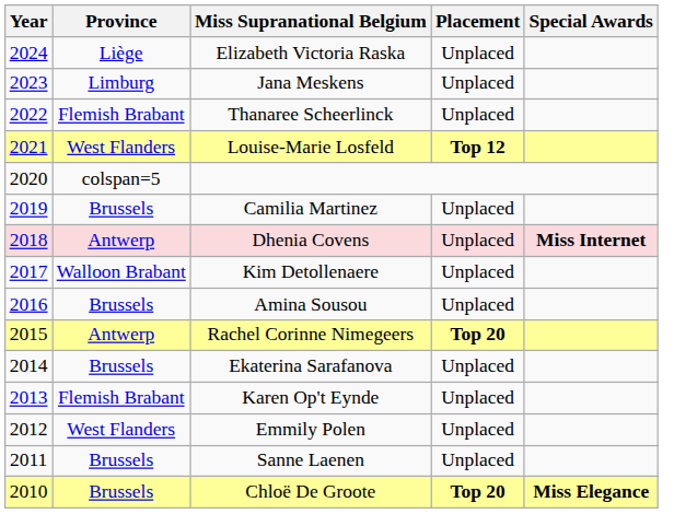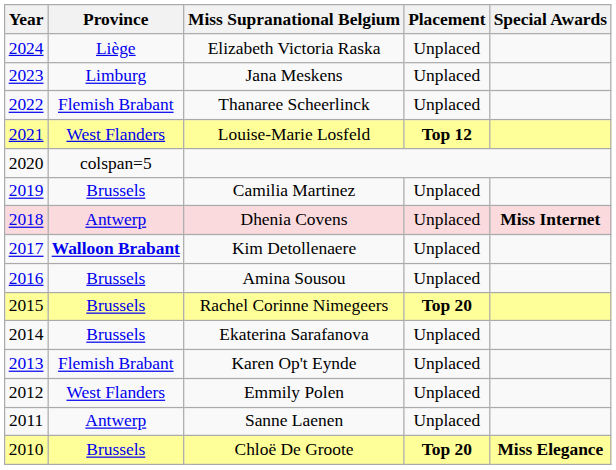 <table class="wikitable " style="font-size: 90%; text-align:center;">
 <tr>
 <th>Year</th>
 <th>Province</th>
 <th>Miss Supranational Belgium</th>
 <th>Placement</th>
 <th>Special Awards</th>
 </tr>
 <tr>
 <td><a href='#'>2024</a></td>
 <td><a href='#'>Liège</a></td>
 <td>Elizabeth Victoria Raska</td>
 <td>Unplaced</td>
 <td></td>
 </tr>
 <tr>
 <td><a href='#'>2023</a></td>
 <td><a href='#'>Limburg</a></td>
 <td>Jana Meskens</td>
 <td>Unplaced</td>
 <td></td>
 </tr>
 <tr>
 <td><a href='#'>2022</a></td>
 <td><a href='#'>Flemish Brabant</a></td>
 <td>Thanaree Scheerlinck</td>
 <td>Unplaced</td>
 <td></td>
 </tr>
 <tr style="background-color:#FFFF99; ">
 <td><a href='#'>2021</a></td>
 <td><a href='#'>West Flanders</a></td>
 <td>Louise-Marie Losfeld</td>
 <td><strong>Top 12</strong></td>
 <td></td>
 </tr>
 <tr>
 <td>2020</td>
 <td>colspan=5 </td>
 </tr>
 <tr>
 <td><a href='#'>2019</a></td>
 <td><a href='#'>Brussels</a></td>
 <td>Camilia Martinez</td>
 <td>Unplaced</td>
 <td></td>
 </tr>
 <tr style="background-color:#FADADD;">
 <td><a href='#'>2018</a></td>
 <td><a href='#'>Antwerp</a></td>
 <td>Dhenia Covens</td>
 <td>Unplaced</td>
 <td><strong>Miss Internet</strong></td>
 </tr>
 <tr>
 <td><a href='#'>2017</a></td>
-<td><a href='#'>Walloon Brabant</a></td>
+<td><strong><a href='#'>Walloon Brabant</a></strong></td>
 <td>Kim Detollenaere</td>
 <td>Unplaced</td>
 <td></td>
 </tr>
 <tr>
 <td><a href='#'>2016</a></td>
 <td><a href='#'>Brussels</a></td>
 <td>Amina Sousou</td>
 <td>Unplaced</td>
 <td></td>
 </tr>
 <tr style="background-color:#FFFF99; ">
 <td>2015</td>
-<td><a href='#'>Antwerp</a></td>
+<td><a href='#'>Brussels</a></td>
 <td>Rachel Corinne Nimegeers</td>
 <td><strong>Top 20</strong></td>
 <td></td>
 </tr>
 <tr>
 <td>2014</td>
 <td><a href='#'>Brussels</a></td>
 <td>Ekaterina Sarafanova</td>
 <td>Unplaced</td>
 <td></td>
 </tr>
 <tr>
 <td><a href='#'>2013</a></td>
 <td><a href='#'>Flemish Brabant</a></td>
 <td>Karen Op't Eynde</td>
 <td>Unplaced</td>
 </tr>
 <tr>
 <td>2012</td>
 <td><a href='#'>West Flanders</a></td>
 <td>Emmily Polen</td>
 <td>Unplaced</td>
 <td></td>
 </tr>
 <tr>
 <td>2011</td>
-<td><a href='#'>Brussels</a></td>
+<td><a href='#'>Antwerp</a></td>
 <td>Sanne Laenen</td>
 <td>Unplaced</td>
 <td></td>
 </tr>
 <tr style="background-color:#FFFF99; ">
 <td>2010</td>
 <td><a href='#'>Brussels</a></td>
 <td>Chloë De Groote</td>
 <td><strong>Top 20</strong></td>
 <td><strong>Miss Elegance</strong></td>
 </tr>
 </table>
